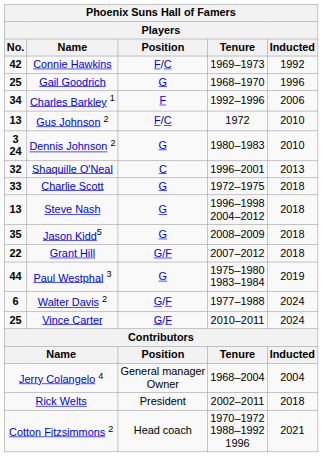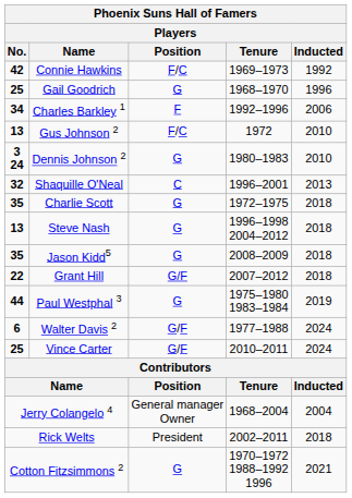 <table class="wikitable" style="text-align:center">
 <tr>
 <th colspan="5">Phoenix Suns Hall of Famers</th>
 </tr>
 <tr>
 <th colspan="5" style="text-align:center; ">Players</th>
 </tr>
 <tr>
 <th>No.</th>
 <th>Name</th>
 <th>Position</th>
 <th>Tenure</th>
 <th>Inducted</th>
 </tr>
 <tr>
 <td><strong>42</strong></td>
 <td><a href='#'>Connie Hawkins</a></td>
 <td><a href='#'>F</a>/<a href='#'>C</a></td>
 <td>1969–1973</td>
 <td>1992</td>
 </tr>
 <tr>
 <td><strong>25</strong></td>
 <td><a href='#'>Gail Goodrich</a></td>
 <td><a href='#'>G</a></td>
 <td>1968–1970</td>
 <td>1996</td>
 </tr>
 <tr>
 <td><strong>34</strong></td>
 <td><a href='#'>Charles Barkley</a> <sup>1</sup></td>
 <td><a href='#'>F</a></td>
 <td>1992–1996</td>
 <td>2006</td>
 </tr>
 <tr>
 <td><strong>13</strong></td>
 <td><a href='#'>Gus Johnson</a> <sup>2</sup></td>
 <td><a href='#'>F</a>/<a href='#'>C</a></td>
 <td>1972</td>
 <td>2010</td>
 </tr>
 <tr>
 <td><strong>3</strong><br><strong>24</strong></td>
 <td><a href='#'>Dennis Johnson</a> <sup>2</sup></td>
 <td><a href='#'>G</a></td>
 <td>1980–1983</td>
 <td>2010</td>
 </tr>
 <tr>
 <td><strong>32</strong></td>
 <td><a href='#'>Shaquille O'Neal</a></td>
 <td><a href='#'>C</a></td>
 <td>1996–2001</td>
 <td>2013</td>
 </tr>
 <tr>
-<td><strong>33</strong></td>
+<td><strong>35</strong></td>
 <td><a href='#'>Charlie Scott</a></td>
 <td><a href='#'>G</a></td>
 <td>1972–1975</td>
 <td>2018</td>
 </tr>
 <tr>
 <td><strong>13</strong></td>
 <td><a href='#'>Steve Nash</a></td>
 <td><a href='#'>G</a></td>
 <td>1996–1998<br>2004–2012</td>
 <td>2018</td>
 </tr>
 <tr>
 <td><strong>35</strong></td>
 <td><a href='#'>Jason Kidd</a><sup>5</sup></td>
 <td><a href='#'>G</a></td>
 <td>2008–2009</td>
 <td>2018</td>
 </tr>
 <tr>
 <td><strong>22</strong></td>
 <td><a href='#'>Grant Hill</a></td>
 <td><a href='#'>G/F</a></td>
 <td>2007–2012</td>
 <td>2018</td>
 </tr>
 <tr>
 <td><strong>44</strong></td>
 <td><a href='#'>Paul Westphal</a> <sup>3</sup></td>
 <td><a href='#'>G</a></td>
 <td>1975–1980<br>1983–1984</td>
 <td>2019</td>
 </tr>
 <tr>
 <td><strong>6</strong></td>
 <td><a href='#'>Walter Davis</a> <sup>2</sup></td>
 <td><a href='#'>G</a>/<a href='#'>F</a></td>
 <td>1977–1988</td>
 <td>2024</td>
 </tr>
 <tr>
 <td><strong>25</strong></td>
 <td><a href='#'>Vince Carter</a></td>
 <td><a href='#'>G</a>/<a href='#'>F</a></td>
 <td>2010–2011</td>
 <td>2024</td>
 </tr>
 <tr>
 <th colspan="5" style="text-align:center; ">Contributors</th>
 </tr>
 <tr>
 <th colspan="2">Name</th>
 <th>Position</th>
 <th>Tenure</th>
 <th>Inducted</th>
 </tr>
 <tr>
 <td colspan="2"><a href='#'>Jerry Colangelo</a> <sup>4</sup></td>
 <td>General manager<br>Owner</td>
 <td>1968–2004</td>
 <td>2004</td>
 </tr>
 <tr>
 <td colspan="2"><a href='#'>Rick Welts</a></td>
 <td>President</td>
 <td>2002–2011</td>
 <td>2018</td>
 </tr>
 <tr>
 <td colspan="2"><a href='#'>Cotton Fitzsimmons</a> <sup>2</sup></td>
-<td>Head coach</td>
+<td><a href='#'>G</a></td>
 <td>1970–1972<br>1988–1992<br>1996</td>
 <td>2021</td>
 </tr>
 </table>
